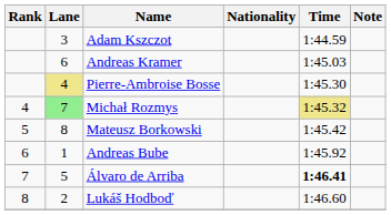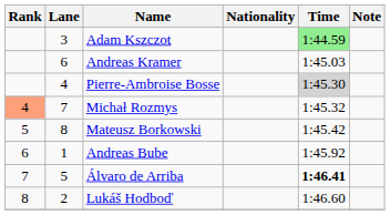 <table class="wikitable sortable" style="text-align:center">
 <tr>
 <th>Rank</th>
 <th>Lane</th>
 <th>Name</th>
 <th>Nationality</th>
 <th>Time</th>
 <th>Note</th>
 </tr>
 <tr>
 <td></td>
 <td>3</td>
 <td align=left><a href='#'>Adam Kszczot</a></td>
 <td align=left></td>
-<td>1:44.59</td>
+<td style="background: lightgreen;">1:44.59</td>
 <td></td>
 </tr>
 <tr>
 <td></td>
 <td>6</td>
 <td align=left><a href='#'>Andreas Kramer</a></td>
 <td align=left></td>
 <td>1:45.03</td>
 <td><strong></strong></td>
 </tr>
 <tr>
 <td></td>
-<td style="background: khaki;">4</td>
+<td>4</td>
 <td align=left><a href='#'>Pierre-Ambroise Bosse</a></td>
 <td align=left></td>
-<td>1:45.30</td>
+<td style="background: lightgrey;">1:45.30</td>
 <td></td>
 </tr>
 <tr>
-<td>4</td>
-<td style="background: lightgreen;">7</td>
+<td style="background: lightsalmon;">4</td>
+<td>7</td>
 <td align=left><a href='#'>Michał Rozmys</a></td>
 <td align=left></td>
-<td style="background: khaki;">1:45.32</td>
+<td>1:45.32</td>
 <td></td>
 </tr>
 <tr>
 <td>5</td>
 <td>8</td>
 <td align=left><a href='#'>Mateusz Borkowski</a></td>
 <td align=left></td>
 <td>1:45.42</td>
 <td></td>
 </tr>
 <tr>
 <td>6</td>
 <td>1</td>
 <td align=left><a href='#'>Andreas Bube</a></td>
 <td align=left></td>
 <td>1:45.92</td>
 <td></td>
 </tr>
 <tr>
 <td>7</td>
 <td>5</td>
 <td align=left><a href='#'>Álvaro de Arriba</a></td>
 <td align=left></td>
 <td><strong>1:46.41</strong></td>
 <td></td>
 </tr>
 <tr>
 <td>8</td>
 <td>2</td>
 <td align=left><a href='#'>Lukáš Hodboď</a></td>
 <td align=left></td>
 <td>1:46.60</td>
 <td></td>
 </tr>
 <tr>
 </tr>
 </table>
